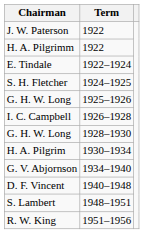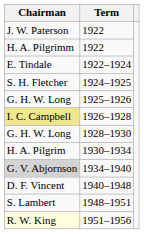 <table class="wikitable">
 <tr>
 <th>Chairman</th>
 <th>Term</th>
 <th></th>
 </tr>
 <tr>
 <td>J. W. Paterson</td>
 <td>1922</td>
 <td rowspan="12"></td>
 </tr>
 <tr>
 <td>H. A. Pilgrimm</td>
 <td>1922</td>
 </tr>
 <tr>
 <td>E. Tindale</td>
 <td>1922–1924</td>
 </tr>
 <tr>
 <td>S. H. Fletcher</td>
 <td>1924–1925</td>
 </tr>
 <tr>
 <td>G. H. W. Long</td>
 <td>1925–1926</td>
 </tr>
 <tr>
-<td>I. C. Campbell</td>
+<td style="background: khaki;">I. C. Campbell</td>
 <td>1926–1928</td>
 </tr>
 <tr>
 <td>G. H. W. Long</td>
 <td>1928–1930</td>
 </tr>
 <tr>
 <td>H. A. Pilgrim</td>
 <td>1930–1934</td>
 </tr>
 <tr>
-<td>G. V. Abjornson</td>
+<td style="background: lightgrey;">G. V. Abjornson</td>
 <td>1934–1940</td>
 </tr>
 <tr>
 <td>D. F. Vincent</td>
 <td>1940–1948</td>
 </tr>
 <tr>
 <td>S. Lambert</td>
 <td>1948–1951</td>
 </tr>
 <tr>
-<td>R. W. King</td>
+<td style="background: lightyellow;">R. W. King</td>
 <td>1951–1956</td>
 </tr>
 </table>
